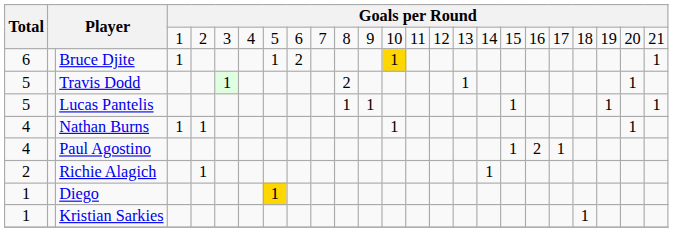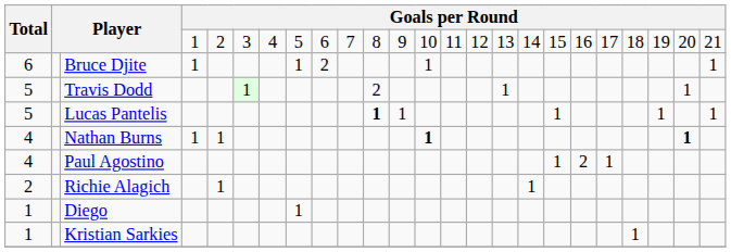 <table class="wikitable" style="text-align:center; line-height: 90%; font-size:90%;">
 <tr>
 <th rowspan="2">Total</th>
 <th rowspan="2" colspan="2">Player</th>
 <th colspan="21">Goals per Round</th>
 </tr>
 <tr>
 <td> 1 </td>
 <td> 2 </td>
 <td> 3 </td>
 <td> 4 </td>
 <td> 5 </td>
 <td> 6 </td>
 <td> 7 </td>
 <td> 8 </td>
 <td> 9 </td>
 <td>10</td>
 <td>11</td>
 <td>12</td>
 <td>13</td>
 <td>14</td>
 <td>15</td>
 <td>16</td>
 <td>17</td>
 <td>18</td>
 <td>19</td>
 <td>20</td>
 <td>21</td>
 </tr>
 <tr>
 <td>6</td>
 <td></td>
 <td style="text-align:left;"><a href='#'>Bruce Djite</a></td>
 <td>1</td>
 <td></td>
 <td></td>
 <td></td>
 <td>1</td>
 <td>2</td>
 <td></td>
 <td></td>
 <td></td>
-<td style="background: gold;">1</td>
+<td>1</td>
 <td></td>
 <td></td>
 <td></td>
 <td></td>
 <td></td>
 <td></td>
 <td></td>
 <td></td>
 <td></td>
 <td></td>
 <td>1</td>
 </tr>
 <tr>
 <td>5</td>
 <td></td>
 <td style="text-align:left;"><a href='#'>Travis Dodd</a></td>
 <td></td>
 <td></td>
 <td style="background:#e0ffe0;">1</td>
 <td></td>
 <td></td>
 <td></td>
 <td></td>
 <td>2</td>
 <td></td>
 <td></td>
 <td></td>
 <td></td>
 <td>1</td>
 <td></td>
 <td></td>
 <td></td>
 <td></td>
 <td></td>
 <td></td>
 <td>1</td>
 <td></td>
 </tr>
 <tr>
 <td>5</td>
 <td></td>
 <td style="text-align:left;"><a href='#'>Lucas Pantelis</a></td>
 <td></td>
 <td></td>
 <td></td>
 <td></td>
 <td></td>
 <td></td>
 <td></td>
-<td>1</td>
+<td><strong>1</strong></td>
 <td>1</td>
 <td></td>
 <td></td>
 <td></td>
 <td></td>
 <td></td>
 <td>1</td>
 <td></td>
 <td></td>
 <td></td>
 <td>1</td>
 <td></td>
 <td>1</td>
 </tr>
 <tr>
 <td>4</td>
 <td></td>
 <td style="text-align:left;"><a href='#'>Nathan Burns</a></td>
 <td>1</td>
 <td>1</td>
 <td></td>
 <td></td>
 <td></td>
 <td></td>
 <td></td>
 <td></td>
 <td></td>
-<td>1</td>
+<td><strong>1</strong></td>
 <td></td>
 <td></td>
 <td></td>
 <td></td>
 <td></td>
 <td></td>
 <td></td>
 <td></td>
 <td></td>
-<td>1</td>
+<td><strong>1</strong></td>
 <td></td>
 </tr>
 <tr>
 <td>4</td>
 <td></td>
 <td style="text-align:left;"><a href='#'>Paul Agostino</a></td>
 <td></td>
 <td></td>
 <td></td>
 <td></td>
 <td></td>
 <td></td>
 <td></td>
 <td></td>
 <td></td>
 <td></td>
 <td></td>
 <td></td>
 <td></td>
 <td></td>
 <td>1</td>
 <td>2</td>
 <td>1</td>
 <td></td>
 <td></td>
 <td></td>
 <td></td>
 </tr>
 <tr>
 <td>2</td>
 <td></td>
 <td style="text-align:left;"><a href='#'>Richie Alagich</a></td>
 <td></td>
 <td>1</td>
 <td></td>
 <td></td>
 <td></td>
 <td></td>
 <td></td>
 <td></td>
 <td></td>
 <td></td>
 <td></td>
 <td></td>
 <td></td>
 <td>1</td>
 <td></td>
 <td></td>
 <td></td>
 <td></td>
 <td></td>
 <td></td>
 <td></td>
 </tr>
 <tr>
 <td>1</td>
 <td></td>
 <td style="text-align:left;"><a href='#'>Diego</a></td>
 <td></td>
 <td></td>
 <td></td>
 <td></td>
-<td style="background: gold;">1</td>
+<td>1</td>
 <td></td>
 <td></td>
 <td></td>
 <td></td>
 <td></td>
 <td></td>
 <td></td>
 <td></td>
 <td></td>
 <td></td>
 <td></td>
 <td></td>
 <td></td>
 <td></td>
 <td></td>
 <td></td>
 </tr>
 <tr>
 <td>1</td>
 <td></td>
 <td style="text-align:left;"><a href='#'>Kristian Sarkies</a></td>
 <td></td>
 <td></td>
 <td></td>
 <td></td>
 <td></td>
 <td></td>
 <td></td>
 <td></td>
 <td></td>
 <td></td>
 <td></td>
 <td></td>
 <td></td>
 <td></td>
 <td></td>
 <td></td>
 <td></td>
 <td>1</td>
 <td></td>
 <td></td>
 <td></td>
 </tr>
 <tr>
 </tr>
 </table>
